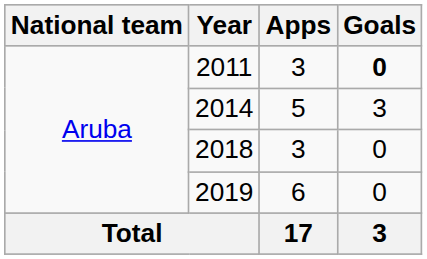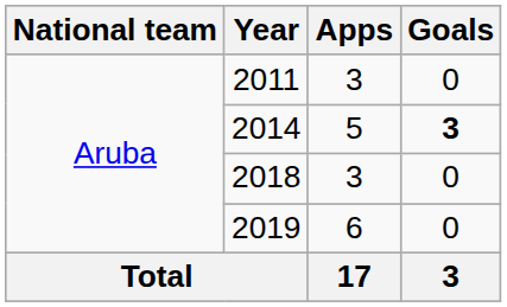 <table class="wikitable" style="text-align:center">
 <tr>
 <th>National team</th>
 <th>Year</th>
 <th>Apps</th>
 <th>Goals</th>
 </tr>
 <tr>
 <td rowspan="4"><a href='#'>Aruba</a></td>
 <td>2011</td>
 <td>3</td>
-<td><strong>0</strong></td>
+<td>0</td>
 </tr>
 <tr>
 <td>2014</td>
 <td>5</td>
-<td>3</td>
+<td><strong>3</strong></td>
 </tr>
 <tr>
 <td>2018</td>
 <td>3</td>
 <td>0</td>
 </tr>
 <tr>
 <td>2019</td>
 <td>6</td>
 <td>0</td>
 </tr>
 <tr>
 <th colspan=2>Total</th>
 <th>17</th>
 <th>3</th>
 </tr>
 </table>
